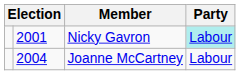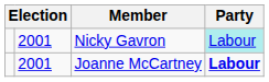 <table class="wikitable">
 <tr>
 <th colspan="2">Election</th>
 <th>Member</th>
 <th>Party</th>
 </tr>
 <tr>
 <td style="background-color: "></td>
 <td><a href='#'>2001</a></td>
 <td><a href='#'>Nicky Gavron</a></td>
 <td style="background: paleturquoise;"><a href='#'>Labour</a></td>
 </tr>
 <tr>
 <td style="background-color: "></td>
-<td><a href='#'>2004</a></td>
+<td><a href='#'>2001</a></td>
 <td><a href='#'>Joanne McCartney</a></td>
-<td><a href='#'>Labour</a></td>
+<td><strong><a href='#'>Labour</a></strong></td>
 </tr>
 </table>
